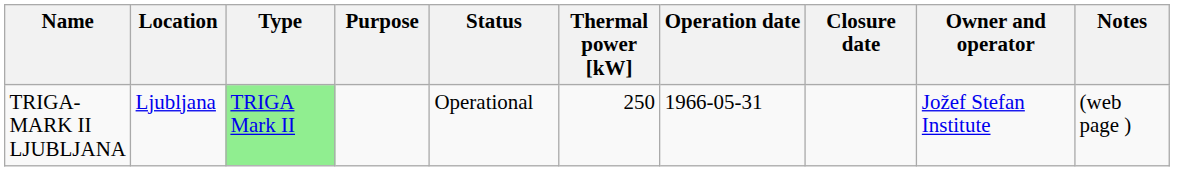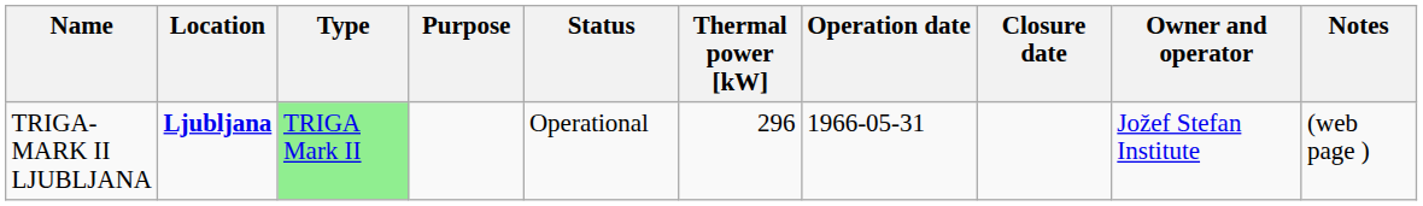 <table class="wikitable" >
 <tr valign="top">
 <th width="80">Name</th>
 <th width="65">Location</th>
 <th width="76">Type</th>
 <th width="65">Purpose</th>
 <th width="91">Status</th>
 <th width="70“">Thermal power [kW]</th>
 <th width=„67“>Operation date</th>
 <th width="78“">Closure date</th>
 <th width="113“">Owner and operator</th>
 <th width="65">Notes</th>
 </tr>
 <tr valign="top">
 <td>TRIGA- MARK II LJUBLJANA</td>
-<td><a href='#'>Ljubljana</a></td>
+<td><strong><a href='#'>Ljubljana</a></strong></td>
 <td style="background: lightgreen;"><a href='#'>TRIGA Mark II</a></td>
 <td></td>
 <td>Operational</td>
-<td align="right">250</td>
+<td align="right">296</td>
 <td>1966-05-31</td>
 <td></td>
 <td><a href='#'>Jožef Stefan Institute</a></td>
 <td>(web page )</td>
 </tr>
 </table>
